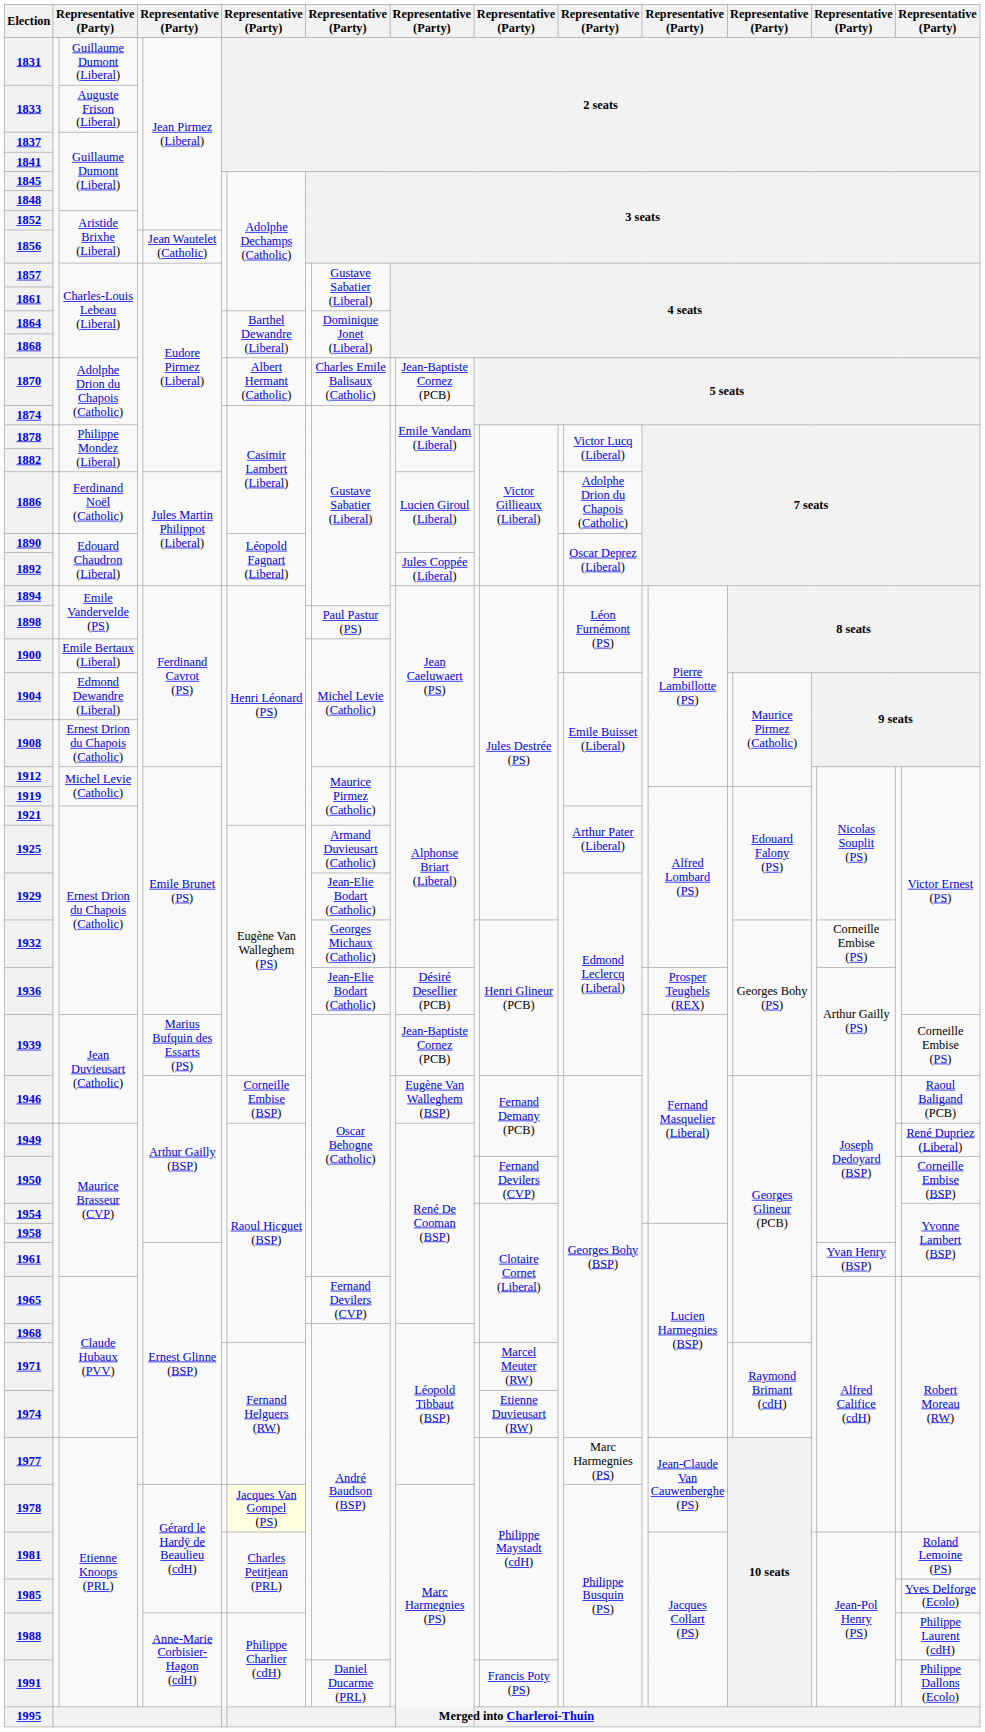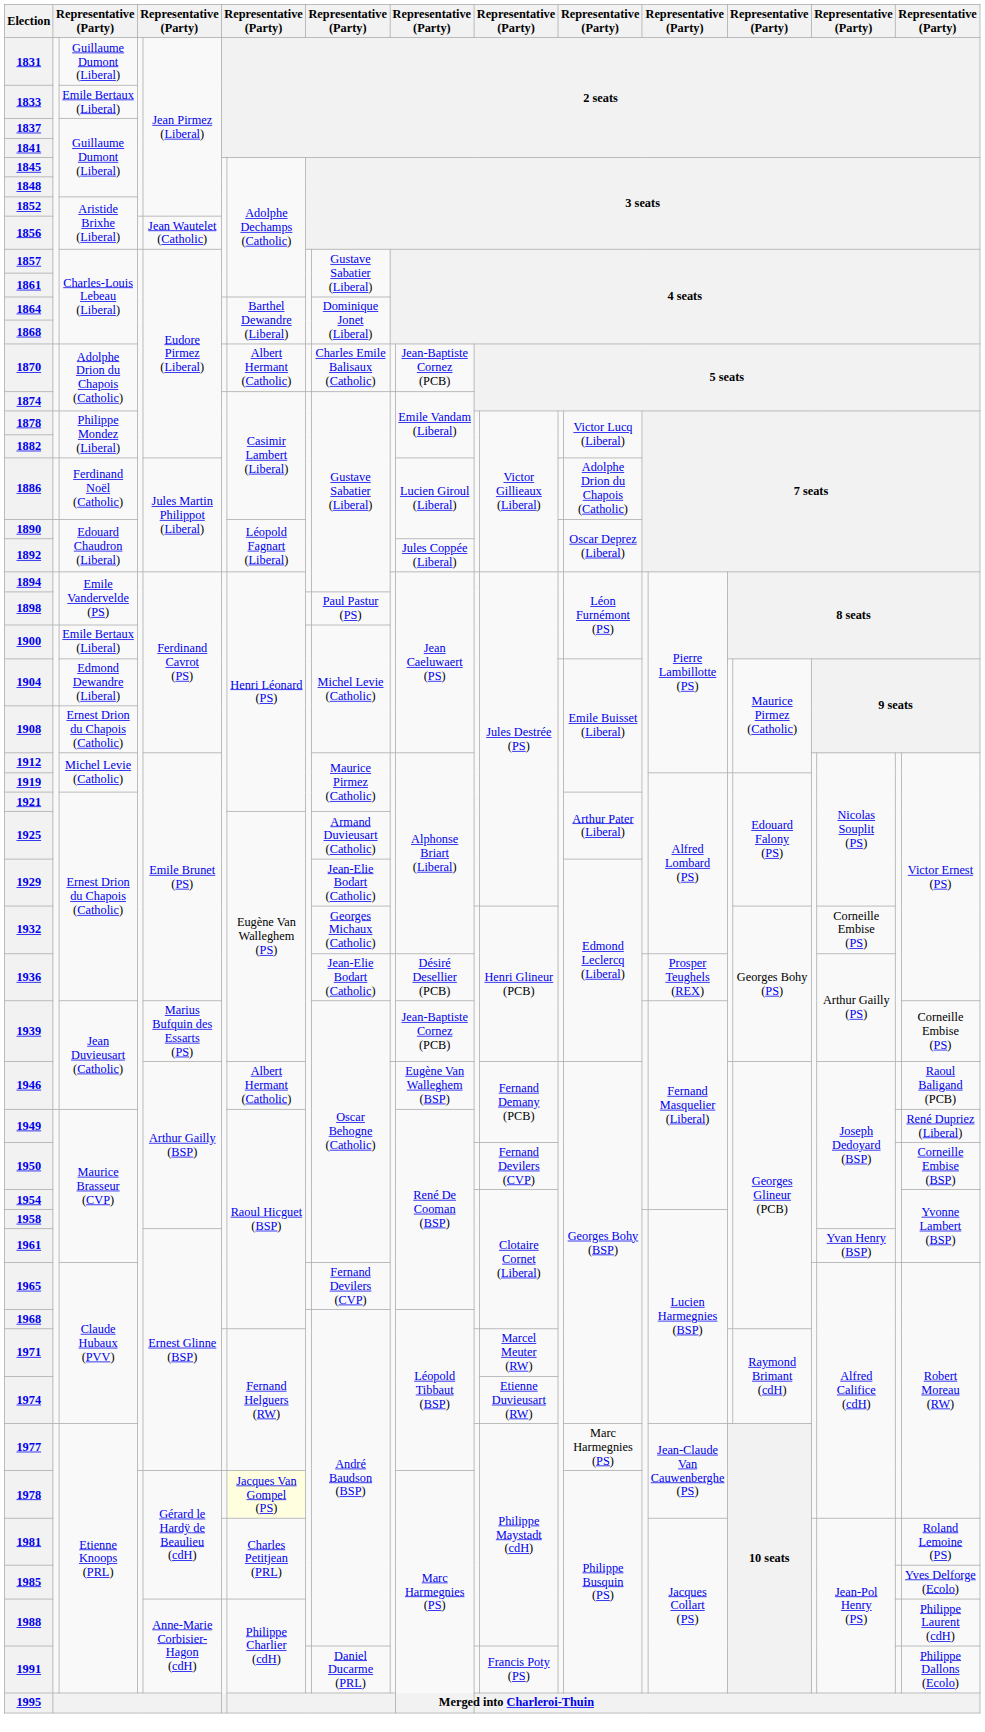 <table class="wikitable" style="text-align:center">
 <tr>
 <th>Election</th>
 <th colspan=2>Representative<br>(Party)</th>
 <th colspan=2>Representative<br>(Party)</th>
 <th colspan=2>Representative<br>(Party)</th>
 <th colspan=2>Representative<br>(Party)</th>
 <th colspan=2>Representative<br>(Party)</th>
 <th colspan=2>Representative<br>(Party)</th>
 <th colspan=2>Representative<br>(Party)</th>
 <th colspan=2>Representative<br>(Party)</th>
 <th colspan=2>Representative<br>(Party)</th>
 <th colspan=2>Representative<br>(Party)</th>
 <th colspan=2>Representative<br>(Party)</th>
 </tr>
 <tr>
 <th><a href='#'>1831</a></th>
 <td rowspan=12; style="background-color: "></td>
 <td rowspan=1><a href='#'>Guillaume Dumont</a><br>(<a href='#'>Liberal</a>)</td>
 <td rowspan=7; style="background-color: "></td>
 <td rowspan=7><a href='#'>Jean Pirmez</a><br>(<a href='#'>Liberal</a>)</td>
 <th colspan=18; rowspan=4>2 seats</th>
 </tr>
 <tr>
 <th><a href='#'>1833</a></th>
-<td rowspan=1><a href='#'>Auguste Frison</a><br>(<a href='#'>Liberal</a>)</td>
+<td rowspan=1><a href='#'>Emile Bertaux</a><br>(<a href='#'>Liberal</a>)</td>
 </tr>
 <tr>
 <th><a href='#'>1837</a></th>
 <td rowspan=4><a href='#'>Guillaume Dumont</a><br>(<a href='#'>Liberal</a>)</td>
 </tr>
 <tr>
 <th><a href='#'>1841</a></th>
 </tr>
 <tr>
 <th><a href='#'>1845</a></th>
 <td rowspan=6; style="background-color: "></td>
 <td rowspan=6><a href='#'>Adolphe Dechamps</a><br>(<a href='#'>Catholic</a>)</td>
 <th colspan=16; rowspan=4>3 seats</th>
 </tr>
 <tr>
 <th><a href='#'>1848</a></th>
 </tr>
 <tr>
 <th><a href='#'>1852</a></th>
 <td rowspan=2><a href='#'>Aristide Brixhe</a><br>(<a href='#'>Liberal</a>)</td>
 </tr>
 <tr>
 <th><a href='#'>1856</a></th>
 <td rowspan=1; style="background-color: "></td>
 <td rowspan=1><a href='#'>Jean Wautelet</a><br>(<a href='#'>Catholic</a>)</td>
 </tr>
 <tr>
 <th><a href='#'>1857</a></th>
 <td rowspan=4><a href='#'>Charles-Louis Lebeau</a><br>(<a href='#'>Liberal</a>)</td>
 <td rowspan=11; style="background-color: "></td>
 <td rowspan=8><a href='#'>Eudore Pirmez</a><br>(<a href='#'>Liberal</a>)</td>
 <td rowspan=4; style="background-color: "></td>
 <td rowspan=2><a href='#'>Gustave Sabatier</a><br>(<a href='#'>Liberal</a>)</td>
 <th colspan=14; rowspan=4>4 seats</th>
 </tr>
 <tr>
 <th><a href='#'>1861</a></th>
 </tr>
 <tr>
 <th><a href='#'>1864</a></th>
 <td rowspan=2; style="background-color: "></td>
 <td rowspan=2><a href='#'>Barthel Dewandre</a><br>(<a href='#'>Liberal</a>)</td>
 <td rowspan=2><a href='#'>Dominique Jonet</a><br>(<a href='#'>Liberal</a>)</td>
 </tr>
 <tr>
 <th><a href='#'>1868</a></th>
 </tr>
 <tr>
 <th><a href='#'>1870</a></th>
 <td rowspan=2; style="background-color: "></td>
 <td rowspan=2><a href='#'>Adolphe Drion du Chapois</a><br>(<a href='#'>Catholic</a>)</td>
 <td rowspan=1; style="background-color: "></td>
 <td rowspan=1><a href='#'>Albert Hermant</a><br>(<a href='#'>Catholic</a>)</td>
 <td rowspan=1; style="background-color: "></td>
 <td rowspan=1><a href='#'>Charles Emile Balisaux</a><br>(<a href='#'>Catholic</a>)</td>
 <td rowspan=1; style="background-color: "></td>
 <td rowspan=1><a href='#'>Jean-Baptiste Cornez</a><br>(PCB)</td>
 <th colspan=12; rowspan=2>5 seats</th>
 </tr>
 <tr>
 <th><a href='#'>1874</a></th>
 <td rowspan=6; style="background-color: "></td>
 <td rowspan=4><a href='#'>Casimir Lambert</a><br>(<a href='#'>Liberal</a>)</td>
 <td rowspan=7; style="background-color: "></td>
 <td rowspan=7><a href='#'>Gustave Sabatier</a><br>(<a href='#'>Liberal</a>)</td>
 <td rowspan=6; style="background-color: "></td>
 <td rowspan=3><a href='#'>Emile Vandam</a><br>(<a href='#'>Liberal</a>)</td>
 </tr>
 <tr>
 <th><a href='#'>1878</a></th>
 <td rowspan=2; style="background-color: "></td>
 <td rowspan=2><a href='#'>Philippe Mondez</a><br>(<a href='#'>Liberal</a>)</td>
 <td rowspan=5; style="background-color: "></td>
 <td rowspan=5><a href='#'>Victor Gillieaux</a><br>(<a href='#'>Liberal</a>)</td>
 <td rowspan=2; style="background-color: "></td>
 <td rowspan=2><a href='#'>Victor Lucq</a><br>(<a href='#'>Liberal</a>)</td>
 <th colspan=8; rowspan=5>7 seats</th>
 </tr>
 <tr>
 <th><a href='#'>1882</a></th>
 </tr>
 <tr>
 <th><a href='#'>1886</a></th>
 <td rowspan=1; style="background-color: "></td>
 <td rowspan=1><a href='#'>Ferdinand Noël</a><br>(<a href='#'>Catholic</a>)</td>
 <td rowspan=3><a href='#'>Jules Martin Philippot</a><br>(<a href='#'>Liberal</a>)</td>
 <td rowspan=2><a href='#'>Lucien Giroul</a><br>(<a href='#'>Liberal</a>)</td>
 <td rowspan=1; style="background-color: "></td>
 <td rowspan=1><a href='#'>Adolphe Drion du Chapois</a><br>(<a href='#'>Catholic</a>)</td>
 </tr>
 <tr>
 <th><a href='#'>1890</a></th>
 <td rowspan=2; style="background-color: "></td>
 <td rowspan=2><a href='#'>Edouard Chaudron</a><br>(<a href='#'>Liberal</a>)</td>
 <td rowspan=2><a href='#'>Léopold Fagnart</a><br>(<a href='#'>Liberal</a>)</td>
 <td rowspan=2; style="background-color: "></td>
 <td rowspan=2><a href='#'>Oscar Deprez</a><br>(<a href='#'>Liberal</a>)</td>
 </tr>
 <tr>
 <th><a href='#'>1892</a></th>
 <td rowspan=1><a href='#'>Jules Coppée</a><br>(<a href='#'>Liberal</a>)</td>
 </tr>
 <tr>
 <th><a href='#'>1894</a></th>
 <td rowspan=2; style="background-color: "></td>
 <td rowspan=2><a href='#'>Emile Vandervelde</a><br>(<a href='#'>PS</a>)</td>
 <td rowspan=24; style="background-color: "></td>
 <td rowspan=5><a href='#'>Ferdinand Cavrot</a><br>(<a href='#'>PS</a>)</td>
 <td rowspan=21; style="background-color: "></td>
 <td rowspan=8><a href='#'>Henri Léonard</a><br>(<a href='#'>PS</a>)</td>
 <td rowspan=5; style="background-color: "></td>
 <td rowspan=5><a href='#'>Jean Caeluwaert</a><br>(<a href='#'>PS</a>)</td>
 <td rowspan=10; style="background-color: "></td>
 <td rowspan=10><a href='#'>Jules Destrée</a><br>(<a href='#'>PS</a>)</td>
 <td rowspan=3; style="background-color: "></td>
 <td rowspan=3><a href='#'>Léon Furnémont</a><br>(<a href='#'>PS</a>)</td>
 <td rowspan=11; style="background-color: "></td>
 <td rowspan=6><a href='#'>Pierre Lambillotte</a><br>(<a href='#'>PS</a>)</td>
 <th colspan=6; rowspan=3>8 seats</th>
 </tr>
 <tr>
 <th><a href='#'>1898</a></th>
 <td rowspan=1; style="background-color: "></td>
 <td rowspan=1><a href='#'>Paul Pastur</a><br>(<a href='#'>PS</a>)</td>
 </tr>
 <tr>
 <th><a href='#'>1900</a></th>
 <td rowspan=2; style="background-color: "></td>
 <td rowspan=1><a href='#'>Emile Bertaux</a><br>(<a href='#'>Liberal</a>)</td>
 <td rowspan=17; style="background-color: "></td>
 <td rowspan=3><a href='#'>Michel Levie</a><br>(<a href='#'>Catholic</a>)</td>
 </tr>
 <tr>
 <th><a href='#'>1904</a></th>
 <td rowspan=1><a href='#'>Edmond Dewandre</a><br>(<a href='#'>Liberal</a>)</td>
 <td rowspan=10; style="background-color: "></td>
 <td rowspan=4><a href='#'>Emile Buisset</a><br>(<a href='#'>Liberal</a>)</td>
 <td rowspan=3; style="background-color: "></td>
 <td rowspan=3><a href='#'>Maurice Pirmez</a><br>(<a href='#'>Catholic</a>)</td>
 <th colspan=4; rowspan=2>9 seats</th>
 </tr>
 <tr>
 <th><a href='#'>1908</a></th>
 <td rowspan=10; style="background-color: "></td>
 <td rowspan=1><a href='#'>Ernest Drion du Chapois</a><br>(<a href='#'>Catholic</a>)</td>
 </tr>
 <tr>
 <th><a href='#'>1912</a></th>
 <td rowspan=2><a href='#'>Michel Levie</a><br>(<a href='#'>Catholic</a>)</td>
 <td rowspan=7><a href='#'>Emile Brunet</a><br>(<a href='#'>PS</a>)</td>
 <td rowspan=3><a href='#'>Maurice Pirmez</a><br>(<a href='#'>Catholic</a>)</td>
 <td rowspan=6; style="background-color: "></td>
 <td rowspan=6><a href='#'>Alphonse Briart</a><br>(<a href='#'>Liberal</a>)</td>
 <td rowspan=14; style="background-color: "></td>
 <td rowspan=5><a href='#'>Nicolas Souplit</a><br>(<a href='#'>PS</a>)</td>
 <td rowspan=8; style="background-color: "></td>
 <td rowspan=7><a href='#'>Victor Ernest</a><br>(<a href='#'>PS</a>)</td>
 </tr>
 <tr>
 <th><a href='#'>1919</a></th>
 <td rowspan=5><a href='#'>Alfred Lombard</a><br>(<a href='#'>PS</a>)</td>
 <td rowspan=7; style="background-color: "></td>
 <td rowspan=4><a href='#'>Edouard Falony</a><br>(<a href='#'>PS</a>)</td>
 </tr>
 <tr>
 <th><a href='#'>1921</a></th>
 <td rowspan=5><a href='#'>Ernest Drion du Chapois</a><br>(<a href='#'>Catholic</a>)</td>
 <td rowspan=2><a href='#'>Arthur Pater</a><br>(<a href='#'>Liberal</a>)</td>
 </tr>
 <tr>
 <th><a href='#'>1925</a></th>
 <td rowspan=5>Eugène Van Walleghem<br>(<a href='#'>PS</a>)</td>
 <td rowspan=1><a href='#'>Armand Duvieusart</a><br>(<a href='#'>Catholic</a>)</td>
 </tr>
 <tr>
 <th><a href='#'>1929</a></th>
 <td rowspan=1><a href='#'>Jean-Elie Bodart</a><br>(<a href='#'>Catholic</a>)</td>
 <td rowspan=4><a href='#'>Edmond Leclercq</a><br>(<a href='#'>Liberal</a>)</td>
 </tr>
 <tr>
 <th><a href='#'>1932</a></th>
 <td rowspan=1><a href='#'>Georges Michaux</a><br>(<a href='#'>Catholic</a>)</td>
 <td rowspan=5; style="background-color: "></td>
 <td rowspan=3><a href='#'>Henri Glineur</a><br>(PCB)</td>
 <td rowspan=3>Georges Bohy<br>(<a href='#'>PS</a>)</td>
 <td>Corneille Embise<br>(<a href='#'>PS</a>)</td>
 </tr>
 <tr>
 <th><a href='#'>1936</a></th>
 <td rowspan=1><a href='#'>Jean-Elie Bodart</a><br>(<a href='#'>Catholic</a>)</td>
 <td rowspan=2; style="background-color: "></td>
 <td rowspan=1><a href='#'>Désiré Desellier</a><br>(PCB)</td>
 <td rowspan=1; style="background-color: "></td>
 <td rowspan=1><a href='#'>Prosper Teughels</a><br>(<a href='#'>REX</a>)</td>
 <td rowspan=2>Arthur Gailly<br>(<a href='#'>PS</a>)</td>
 </tr>
 <tr>
 <th><a href='#'>1939</a></th>
 <td rowspan=2><a href='#'>Jean Duvieusart</a><br>(<a href='#'>Catholic</a>)</td>
 <td rowspan=1><a href='#'>Marius Bufquin des Essarts</a><br>(<a href='#'>PS</a>)</td>
 <td rowspan=7><a href='#'>Oscar Behogne</a><br>(<a href='#'>Catholic</a>)</td>
 <td rowspan=1><a href='#'>Jean-Baptiste Cornez</a><br>(PCB)</td>
 <td rowspan=5; style="background-color: "></td>
 <td rowspan=5><a href='#'>Fernand Masquelier</a><br>(<a href='#'>Liberal</a>)</td>
 <td>Corneille Embise<br>(<a href='#'>PS</a>)</td>
 </tr>
 <tr>
 <th><a href='#'>1946</a></th>
 <td rowspan=5><a href='#'>Arthur Gailly</a><br>(<a href='#'>BSP</a>)</td>
-<td rowspan=1><a href='#'>Corneille Embise</a><br>(<a href='#'>BSP</a>)</td>
+<td rowspan=1><a href='#'>Albert Hermant</a><br>(<a href='#'>Catholic</a>)</td>
 <td rowspan=16; style="background-color: "></td>
 <td rowspan=1><a href='#'>Eugène Van Walleghem</a><br>(<a href='#'>BSP</a>)</td>
 <td rowspan=2><a href='#'>Fernand Demany</a><br>(PCB)</td>
 <td rowspan=16; style="background-color: "></td>
 <td rowspan=10><a href='#'>Georges Bohy</a><br>(<a href='#'>BSP</a>)</td>
 <td rowspan=8; style="background-color: "></td>
 <td rowspan=8><a href='#'>Georges Glineur</a><br>(PCB)</td>
 <td rowspan=5><a href='#'>Joseph Dedoyard</a><br>(<a href='#'>BSP</a>)</td>
 <td rowspan=1; style="background-color: "></td>
 <td rowspan=1><a href='#'>Raoul Baligand</a><br>(PCB)</td>
 </tr>
 <tr>
 <th><a href='#'>1949</a></th>
 <td rowspan=9; style="background-color: "></td>
 <td rowspan=5><a href='#'>Maurice Brasseur</a><br>(<a href='#'>CVP</a>)</td>
 <td rowspan=7><a href='#'>Raoul Hicguet</a><br>(<a href='#'>BSP</a>)</td>
 <td rowspan=6><a href='#'>René De Cooman</a><br>(<a href='#'>BSP</a>)</td>
 <td rowspan=1; style="background-color: "></td>
 <td rowspan=1><a href='#'>René Dupriez</a><br>(<a href='#'>Liberal</a>)</td>
 </tr>
 <tr>
 <th><a href='#'>1950</a></th>
 <td rowspan=1; style="background-color: "></td>
 <td rowspan=1><a href='#'>Fernand Devilers</a><br>(<a href='#'>CVP</a>)</td>
 <td rowspan=4; style="background-color: "></td>
 <td rowspan=1><a href='#'>Corneille Embise</a><br>(<a href='#'>BSP</a>)</td>
 </tr>
 <tr>
 <th><a href='#'>1954</a></th>
 <td rowspan=5; style="background-color: "></td>
 <td rowspan=5><a href='#'>Clotaire Cornet</a><br>(<a href='#'>Liberal</a>)</td>
 <td rowspan=3><a href='#'>Yvonne Lambert</a><br>(<a href='#'>BSP</a>)</td>
 </tr>
 <tr>
 <th><a href='#'>1958</a></th>
 <td rowspan=12; style="background-color: "></td>
 <td rowspan=6><a href='#'>Lucien Harmegnies</a><br>(<a href='#'>BSP</a>)</td>
 </tr>
 <tr>
 <th><a href='#'>1961</a></th>
 <td rowspan=6><a href='#'>Ernest Glinne</a><br>(<a href='#'>BSP</a>)</td>
 <td rowspan=1><a href='#'>Yvan Henry</a><br>(<a href='#'>BSP</a>)</td>
 </tr>
 <tr>
 <th><a href='#'>1965</a></th>
 <td rowspan=4><a href='#'>Claude Hubaux</a><br>(<a href='#'>PVV</a>)</td>
 <td rowspan=1; style="background-color: "></td>
 <td rowspan=1><a href='#'>Fernand Devilers</a><br>(<a href='#'>CVP</a>)</td>
 <td rowspan=6; style="background-color: "></td>
 <td rowspan=6><a href='#'>Alfred Califice</a><br>(<a href='#'>cdH</a>)</td>
 <td rowspan=6; style="background-color: "></td>
 <td rowspan=6><a href='#'>Robert Moreau</a><br>(<a href='#'>RW</a>)</td>
 </tr>
 <tr>
 <th><a href='#'>1968</a></th>
 <td rowspan=8; style="background-color: "></td>
 <td rowspan=8><a href='#'>André Baudson</a><br>(<a href='#'>BSP</a>)</td>
 <td rowspan=4><a href='#'>Léopold Tibbaut</a><br>(<a href='#'>BSP</a>)</td>
 </tr>
 <tr>
 <th><a href='#'>1971</a></th>
 <td rowspan=3; style="background-color: "></td>
 <td rowspan=3><a href='#'>Fernand Helguers</a><br>(<a href='#'>RW</a>)</td>
 <td rowspan=2; style="background-color: "></td>
 <td rowspan=1><a href='#'>Marcel Meuter</a><br>(<a href='#'>RW</a>)</td>
 <td rowspan=2; style="background-color: "></td>
 <td rowspan=2><a href='#'>Raymond Brimant</a><br>(<a href='#'>cdH</a>)</td>
 </tr>
 <tr>
 <th><a href='#'>1974</a></th>
 <td rowspan=1><a href='#'>Etienne Duvieusart</a><br>(<a href='#'>RW</a>)</td>
 </tr>
 <tr>
 <th><a href='#'>1977</a></th>
 <td rowspan=6; style="background-color: "></td>
 <td rowspan=6><a href='#'>Etienne Knoops</a><br>(<a href='#'>PRL</a>)</td>
 <td rowspan=5; style="background-color: "></td>
 <td rowspan=5><a href='#'>Philippe Maystadt</a><br>(<a href='#'>cdH</a>)</td>
 <td>Marc Harmegnies<br>(<a href='#'>PS</a>)</td>
 <td rowspan=2><a href='#'>Jean-Claude Van Cauwenberghe</a><br>(<a href='#'>PS</a>)</td>
 <th colspan=2; rowspan=6>10 seats</th>
 </tr>
 <tr>
 <th><a href='#'>1978</a></th>
 <td rowspan=5; style="background-color: "></td>
 <td rowspan=3><a href='#'>Gérard le Hardÿ de Beaulieu</a><br>(<a href='#'>cdH</a>)</td>
 <td rowspan=1; style="background-color: "></td>
 <td rowspan=1 style="background: lightyellow;"><a href='#'>Jacques Van Gompel</a><br>(<a href='#'>PS</a>)</td>
 <td rowspan=6><a href='#'>Marc Harmegnies</a><br>(<a href='#'>PS</a>)</td>
 <td rowspan=5><a href='#'>Philippe Busquin</a><br>(<a href='#'>PS</a>)</td>
 </tr>
 <tr>
 <th><a href='#'>1981</a></th>
 <td rowspan=2; style="background-color: "></td>
 <td rowspan=2><a href='#'>Charles Petitjean</a><br>(<a href='#'>PRL</a>)</td>
 <td rowspan=4><a href='#'>Jacques Collart</a><br>(<a href='#'>PS</a>)</td>
 <td rowspan=4; style="background-color: "></td>
 <td rowspan=4><a href='#'>Jean-Pol Henry</a><br>(<a href='#'>PS</a>)</td>
 <td rowspan=1; style="background-color: "></td>
 <td rowspan=1><a href='#'>Roland Lemoine</a><br>(<a href='#'>PS</a>)</td>
 </tr>
 <tr>
 <th><a href='#'>1985</a></th>
 <td rowspan=1; style="background-color: "></td>
 <td rowspan=1><a href='#'>Yves Delforge</a><br>(<a href='#'>Ecolo</a>)</td>
 </tr>
 <tr>
 <th><a href='#'>1988</a></th>
 <td rowspan=2><a href='#'>Anne-Marie Corbisier-Hagon</a><br>(<a href='#'>cdH</a>)</td>
 <td rowspan=5; style="background-color: "></td>
 <td rowspan=2><a href='#'>Philippe Charlier</a><br>(<a href='#'>cdH</a>)</td>
 <td rowspan=1; style="background-color: "></td>
 <td rowspan=1><a href='#'>Philippe Laurent</a><br>(<a href='#'>cdH</a>)</td>
 </tr>
 <tr>
 <th><a href='#'>1991</a></th>
 <td rowspan=1; style="background-color: "></td>
 <td rowspan=1><a href='#'>Daniel Ducarme</a><br>(<a href='#'>PRL</a>)</td>
 <td rowspan=1; style="background-color: "></td>
 <td rowspan=1><a href='#'>Francis Poty</a><br>(<a href='#'>PS</a>)</td>
 <td rowspan=1; style="background-color: "></td>
 <td rowspan=1><a href='#'>Philippe Dallons</a><br>(<a href='#'>Ecolo</a>)</td>
 </tr>
 <tr>
 <th><a href='#'>1995</a></th>
 <th colspan=22>Merged into <a href='#'>Charleroi-Thuin</a></th>
 </tr>
 </table>
